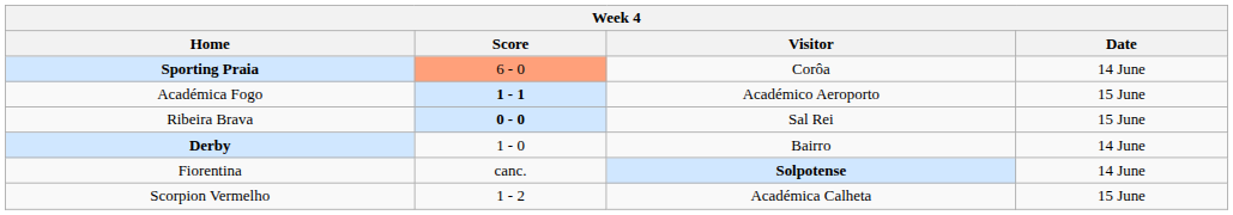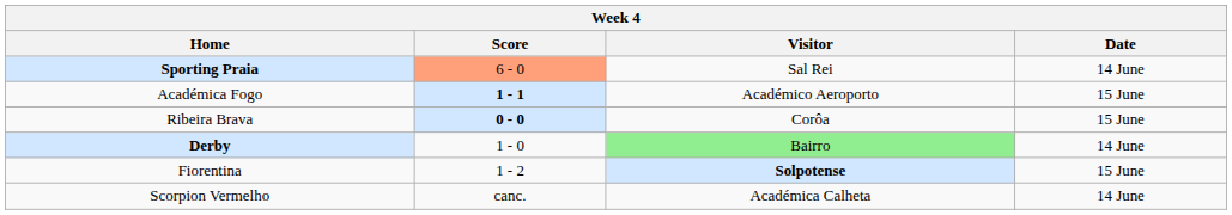 <table class="wikitable" style="font-size:95%; text-align: center; width: 95%;">
 <tr>
 <th colspan="12" style="with: 100%;" align=center>Week 4</th>
 </tr>
 <tr>
 <th width="200">Home</th>
 <th width="90">Score</th>
 <th width="200">Visitor</th>
 <th width="100">Date</th>
 </tr>
 <tr align=center>
 <td bgcolor=#D0E7FF><strong>Sporting Praia</strong></td>
 <td style="background: lightsalmon;">6 - 0</td>
-<td>Corôa</td>
+<td>Sal Rei</td>
 <td>14 June</td>
 </tr>
 <tr align=center>
 <td>Académica Fogo</td>
 <td bgcolor=#D0E7FF><strong>1 - 1</strong></td>
 <td>Académico Aeroporto</td>
 <td>15 June</td>
 </tr>
 <tr align=center>
 <td>Ribeira Brava</td>
 <td bgcolor=#D0E7FF><strong>0 - 0</strong></td>
-<td>Sal Rei</td>
+<td>Corôa</td>
 <td>15 June</td>
 </tr>
 <tr align=center>
 <td bgcolor=#D0E7FF><strong>Derby</strong></td>
 <td>1 - 0</td>
-<td>Bairro</td>
+<td style="background: lightgreen;">Bairro</td>
 <td>14 June</td>
 </tr>
 <tr align=center>
 <td>Fiorentina</td>
-<td>canc.</td>
+<td>1 - 2</td>
 <td bgcolor=#D0E7FF><strong>Solpotense</strong></td>
-<td>14 June</td>
+<td>15 June</td>
 </tr>
 <tr align=center>
 <td>Scorpion Vermelho</td>
-<td>1 - 2</td>
+<td>canc.</td>
 <td>Académica Calheta</td>
-<td>15 June</td>
+<td>14 June</td>
 </tr>
 </table>
